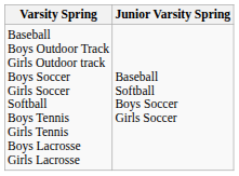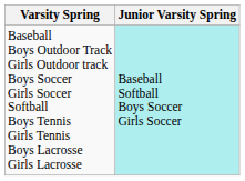 <table class="wikitable">
 <tr>
 <th>Varsity Spring</th>
 <th>Junior Varsity Spring</th>
 </tr>
 <tr>
 <td>Baseball<br>Boys Outdoor Track<br>Girls Outdoor track<br>Boys Soccer<br>Girls Soccer<br>Softball<br>Boys Tennis<br>Girls Tennis<br>Boys Lacrosse<br>Girls Lacrosse</td>
-<td>Baseball<br>Softball<br>Boys Soccer<br>Girls Soccer</td>
+<td style="background: paleturquoise;">Baseball<br>Softball<br>Boys Soccer<br>Girls Soccer</td>
 </tr>
 </table>
